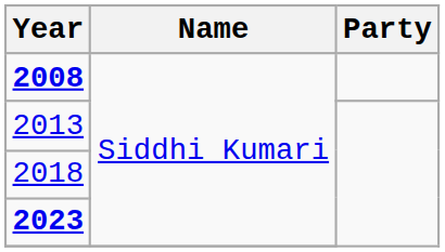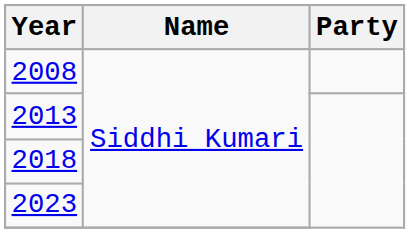 <table class="wikitable sortable">
 <tr>
 <th>Year</th>
 <th>Name</th>
 <th colspan=3>Party</th>
 </tr>
 <tr>
-<td><strong><a href='#'>2008</a></strong></td>
+<td><a href='#'>2008</a></td>
 <td rowspan=4><a href='#'>Siddhi Kumari</a></td>
 <td></td>
 </tr>
 <tr>
 <td><a href='#'>2013</a></td>
 </tr>
 <tr>
 <td><a href='#'>2018</a></td>
 </tr>
 <tr>
-<td><strong><a href='#'>2023</a></strong></td>
+<td><a href='#'>2023</a></td>
 </tr>
 <tr>
 </tr>
 </table>
